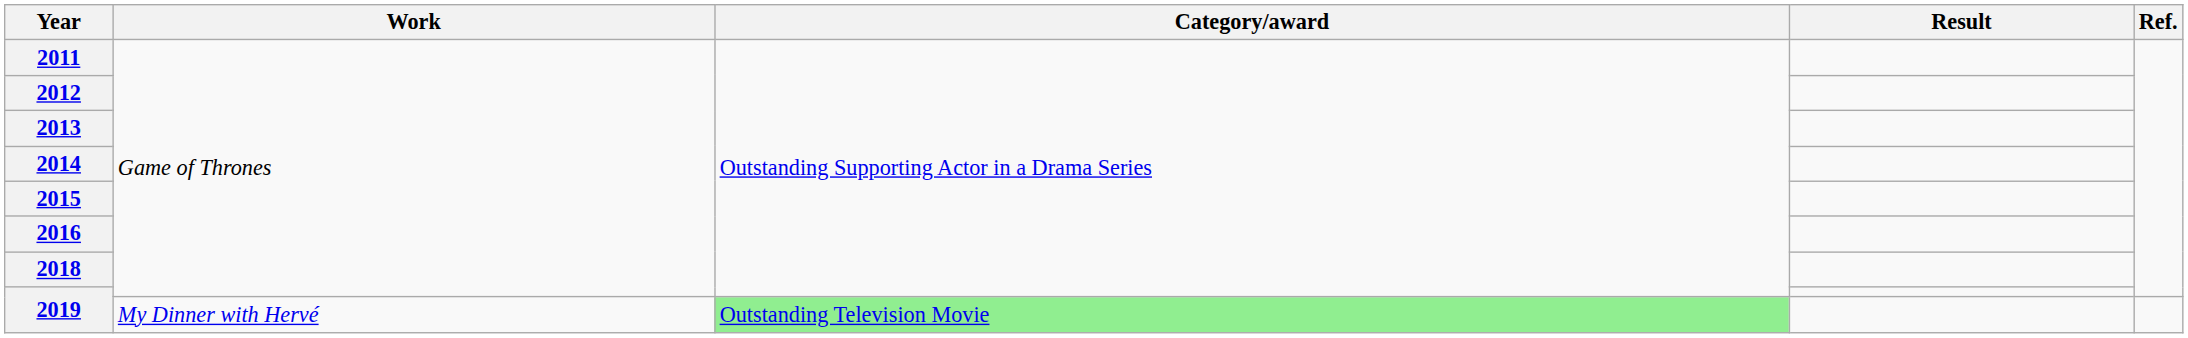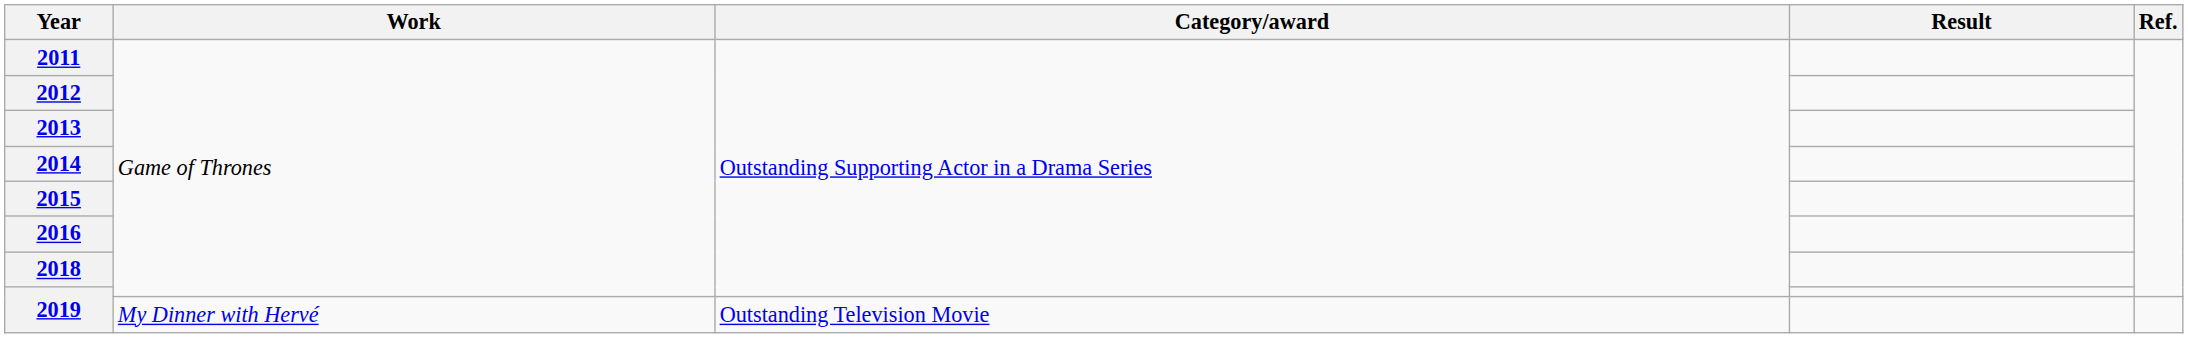 <table class=wikitable>
 <tr>
 <th width=5%>Year</th>
 <th width=28%>Work</th>
 <th width=50%>Category/award</th>
 <th width=16%>Result</th>
 <th width=2%>Ref.</th>
 </tr>
 <tr>
 <th scope="row"><a href='#'>2011</a></th>
 <td rowspan="8"><em>Game of Thrones</em></td>
 <td rowspan="8"><a href='#'>Outstanding Supporting Actor in a Drama Series</a></td>
 <td></td>
 <td rowspan="8" style="text-align:center;"></td>
 </tr>
 <tr>
 <th scope="row"><a href='#'>2012</a></th>
 <td></td>
 </tr>
 <tr>
 <th scope="row"><a href='#'>2013</a></th>
 <td></td>
 </tr>
 <tr>
 <th scope="row"><a href='#'>2014</a></th>
 <td></td>
 </tr>
 <tr>
 <th scope="row"><a href='#'>2015</a></th>
 <td></td>
 </tr>
 <tr>
 <th scope="row"><a href='#'>2016</a></th>
 <td></td>
 </tr>
 <tr>
 <th scope="row"><a href='#'>2018</a></th>
 <td></td>
 </tr>
 <tr>
 <th scope="row" rowspan=2><a href='#'>2019</a></th>
 <td></td>
 </tr>
 <tr>
 <td><em><a href='#'>My Dinner with Hervé</a></em></td>
-<td style="background: lightgreen;"><a href='#'>Outstanding Television Movie</a></td>
+<td><a href='#'>Outstanding Television Movie</a></td>
 <td></td>
 <td style="text-align:center;"></td>
 </tr>
 </table>
